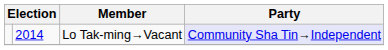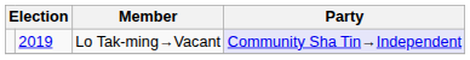 <table class="wikitable">
 <tr>
 <th colspan="2">Election</th>
 <th>Member</th>
 <th>Party</th>
 </tr>
 <tr>
 <td style="color:inherit;background:"></td>
-<td><a href='#'>2014</a></td>
+<td><a href='#'>2019</a></td>
 <td>Lo Tak-ming→Vacant</td>
 <td style="background: lavender;"><a href='#'>Community Sha Tin</a>→<a href='#'>Independent</a></td>
 </tr>
 <tr>
 </tr>
 </table>
